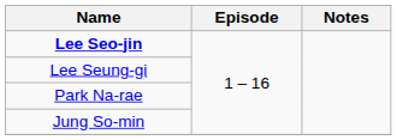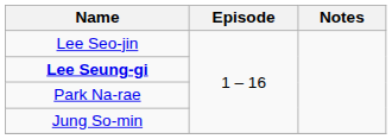 <table class=wikitable style=text-align:center>
 <tr>
 <th style=width:175px>Name</th>
 <th style=width:100px>Episode</th>
 <th style=width:80px>Notes</th>
 </tr>
 <tr>
-<td><strong><a href='#'>Lee Seo-jin</a></strong></td>
+<td><a href='#'>Lee Seo-jin</a></td>
 <td rowspan=4>1 – 16</td>
 <td rowspan=4></td>
 </tr>
 <tr>
-<td><a href='#'>Lee Seung-gi</a></td>
+<td><strong><a href='#'>Lee Seung-gi</a></strong></td>
 </tr>
 <tr>
 <td><a href='#'>Park Na-rae</a></td>
 </tr>
 <tr>
 <td><a href='#'>Jung So-min</a></td>
 </tr>
 <tr>
 </tr>
 </table>
